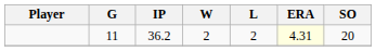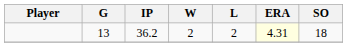 <table class="wikitable sortable">
 <tr>
 <th bgcolor="#DDDDFF" width="16%">Player</th>
 <th bgcolor="#DDDDFF" width="9%">G</th>
 <th bgcolor="#DDDDFF" width="9%">IP</th>
 <th bgcolor="#DDDDFF" width="9%">W</th>
 <th bgcolor="#DDDDFF" width="9%">L</th>
 <th bgcolor="#DDDDFF" width="9%">ERA</th>
 <th bgcolor="#DDDDFF" width="9%">SO</th>
 </tr>
 <tr align="center">
 <td></td>
-<td>11</td>
+<td>13</td>
 <td>36.2</td>
 <td>2</td>
 <td>2</td>
 <td style="background: lightyellow;">4.31</td>
-<td>20</td>
+<td>18</td>
 </tr>
 <tr align="center">
 </tr>
 </table>
